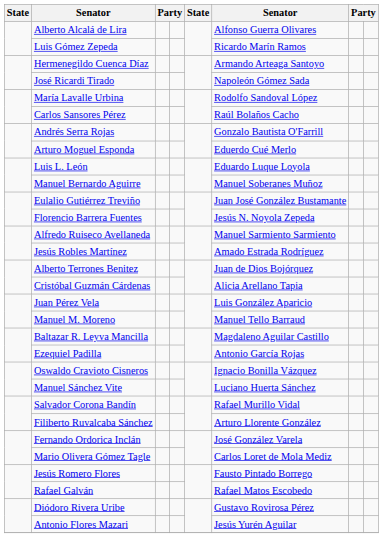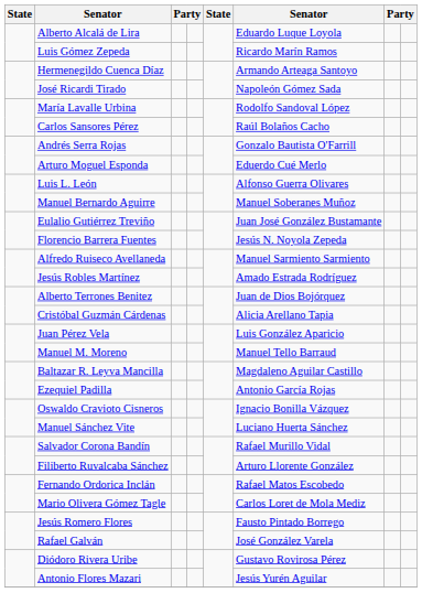 <table class="wikitable sortable" style="font-size:95%;">
 <tr>
 <th>State</th>
 <th>Senator</th>
 <th colspan="2">Party</th>
 <th>State</th>
 <th>Senator</th>
 <th colspan="2">Party</th>
 </tr>
 <tr>
 <td rowspan="2"></td>
 <td><a href='#'>Alberto Alcalá de Lira</a></td>
 <td style="background:"></td>
 <td></td>
 <td rowspan="2"></td>
-<td><a href='#'>Alfonso Guerra Olivares</a></td>
+<td><a href='#'>Eduardo Luque Loyola</a></td>
 <td style="background:"></td>
 <td></td>
 </tr>
 <tr>
 <td><a href='#'>Luis Gómez Zepeda</a></td>
 <td style="background:"></td>
 <td></td>
 <td><a href='#'>Ricardo Marín Ramos</a></td>
 <td style="background:"></td>
 <td></td>
 </tr>
 <tr>
 <td rowspan="2"></td>
 <td><a href='#'>Hermenegildo Cuenca Díaz</a></td>
 <td style="background:"></td>
 <td></td>
 <td rowspan="2"></td>
 <td><a href='#'>Armando Arteaga Santoyo</a></td>
 <td style="background:"></td>
 <td></td>
 </tr>
 <tr>
 <td><a href='#'>José Ricardi Tirado</a></td>
 <td style="background:"></td>
 <td></td>
 <td><a href='#'>Napoleón Gómez Sada</a></td>
 <td style="background:"></td>
 <td></td>
 </tr>
 <tr>
 <td rowspan="2"></td>
 <td><a href='#'>María Lavalle Urbina</a></td>
 <td style="background:"></td>
 <td></td>
 <td rowspan="2"></td>
 <td><a href='#'>Rodolfo Sandoval López</a></td>
 <td style="background:"></td>
 <td></td>
 </tr>
 <tr>
 <td><a href='#'>Carlos Sansores Pérez</a></td>
 <td style="background:"></td>
 <td></td>
 <td><a href='#'>Raúl Bolaños Cacho</a></td>
 <td style="background:"></td>
 <td></td>
 </tr>
 <tr>
 <td rowspan="2"></td>
 <td><a href='#'>Andrés Serra Rojas</a></td>
 <td style="background:"></td>
 <td></td>
 <td rowspan="2"></td>
 <td><a href='#'>Gonzalo Bautista O'Farrill</a></td>
 <td style="background:"></td>
 <td></td>
 </tr>
 <tr>
 <td><a href='#'>Arturo Moguel Esponda</a></td>
 <td style="background:"></td>
 <td></td>
 <td><a href='#'>Eduerdo Cué Merlo</a></td>
 <td style="background:"></td>
 <td></td>
 </tr>
 <tr>
 <td rowspan="2"></td>
 <td><a href='#'>Luis L. León</a></td>
 <td style="background:"></td>
 <td></td>
 <td rowspan="2"></td>
-<td><a href='#'>Eduardo Luque Loyola</a></td>
+<td><a href='#'>Alfonso Guerra Olivares</a></td>
 <td style="background:"></td>
 <td></td>
 </tr>
 <tr>
 <td><a href='#'>Manuel Bernardo Aguirre</a></td>
 <td style="background:"></td>
 <td></td>
 <td><a href='#'>Manuel Soberanes Muñoz</a></td>
 <td style="background:"></td>
 <td></td>
 </tr>
 <tr>
 <td rowspan="2"></td>
 <td><a href='#'>Eulalio Gutiérrez Treviño</a></td>
 <td style="background:"></td>
 <td></td>
 <td rowspan="2"></td>
 <td><a href='#'>Juan José González Bustamante</a></td>
 <td style="background:"></td>
 <td></td>
 </tr>
 <tr>
 <td><a href='#'>Florencio Barrera Fuentes</a></td>
 <td style="background:"></td>
 <td></td>
 <td><a href='#'>Jesús N. Noyola Zepeda</a></td>
 <td style="background:"></td>
 <td></td>
 </tr>
 <tr>
 <td rowspan="2"></td>
 <td><a href='#'>Alfredo Ruiseco Avellaneda</a></td>
 <td style="background:"></td>
 <td></td>
 <td rowspan="2"></td>
 <td><a href='#'>Manuel Sarmiento Sarmiento</a></td>
 <td style="background:"></td>
 <td></td>
 </tr>
 <tr>
 <td><a href='#'>Jesús Robles Martínez</a></td>
 <td style="background:"></td>
 <td></td>
 <td><a href='#'>Amado Estrada Rodríguez</a></td>
 <td style="background:"></td>
 <td></td>
 </tr>
 <tr>
 <td rowspan="2"></td>
 <td><a href='#'>Alberto Terrones Benitez</a></td>
 <td style="background:"></td>
 <td></td>
 <td rowspan="2"></td>
 <td><a href='#'>Juan de Dios Bojórquez</a></td>
 <td style="background:"></td>
 <td></td>
 </tr>
 <tr>
 <td><a href='#'>Cristóbal Guzmán Cárdenas</a></td>
 <td style="background:"></td>
 <td></td>
 <td><a href='#'>Alicia Arellano Tapia</a></td>
 <td style="background:"></td>
 <td></td>
 </tr>
 <tr>
 <td rowspan="2"></td>
 <td><a href='#'>Juan Pérez Vela</a></td>
 <td style="background:"></td>
 <td></td>
 <td rowspan="2"></td>
 <td><a href='#'>Luis González Aparicio</a></td>
 <td style="background:"></td>
 <td></td>
 </tr>
 <tr>
 <td><a href='#'>Manuel M. Moreno</a></td>
 <td style="background:"></td>
 <td></td>
 <td><a href='#'>Manuel Tello Barraud</a></td>
 <td style="background:"></td>
 <td></td>
 </tr>
 <tr>
 <td rowspan="2"></td>
 <td><a href='#'>Baltazar R. Leyva Mancilla</a></td>
 <td style="background:"></td>
 <td></td>
 <td rowspan="2"></td>
 <td><a href='#'>Magdaleno Aguilar Castillo</a></td>
 <td style="background:"></td>
 <td></td>
 </tr>
 <tr>
 <td><a href='#'>Ezequiel Padilla</a></td>
 <td style="background:"></td>
 <td></td>
 <td><a href='#'>Antonio García Rojas</a></td>
 <td style="background:"></td>
 <td></td>
 </tr>
 <tr>
 <td rowspan="2"></td>
 <td><a href='#'>Oswaldo Cravioto Cisneros</a></td>
 <td style="background:"></td>
 <td></td>
 <td rowspan="2"></td>
 <td><a href='#'>Ignacio Bonilla Vázquez</a></td>
 <td style="background:"></td>
 <td></td>
 </tr>
 <tr>
 <td><a href='#'>Manuel Sánchez Vite</a></td>
 <td style="background:"></td>
 <td></td>
 <td><a href='#'>Luciano Huerta Sánchez</a></td>
 <td style="background:"></td>
 <td></td>
 </tr>
 <tr>
 <td rowspan="2"></td>
 <td><a href='#'>Salvador Corona Bandín</a></td>
 <td style="background:"></td>
 <td></td>
 <td rowspan="2"></td>
 <td><a href='#'>Rafael Murillo Vidal</a></td>
 <td style="background:"></td>
 <td></td>
 </tr>
 <tr>
 <td><a href='#'>Filiberto Ruvalcaba Sánchez</a></td>
 <td style="background:"></td>
 <td></td>
 <td><a href='#'>Arturo Llorente González</a></td>
 <td style="background:"></td>
 <td></td>
 </tr>
 <tr>
 <td rowspan="2"></td>
 <td><a href='#'>Fernando Ordorica Inclán</a></td>
 <td style="background:"></td>
 <td></td>
 <td rowspan="2"></td>
-<td><a href='#'>José González Varela</a></td>
+<td><a href='#'>Rafael Matos Escobedo</a></td>
 <td style="background:"></td>
 <td></td>
 </tr>
 <tr>
 <td><a href='#'>Mario Olivera Gómez Tagle</a></td>
 <td style="background:"></td>
 <td></td>
 <td><a href='#'>Carlos Loret de Mola Mediz</a></td>
 <td style="background:"></td>
 <td></td>
 </tr>
 <tr>
 <td rowspan="2"></td>
 <td><a href='#'>Jesús Romero Flores</a></td>
 <td style="background:"></td>
 <td></td>
 <td rowspan="2"></td>
 <td><a href='#'>Fausto Pintado Borrego</a></td>
 <td style="background:"></td>
 <td></td>
 </tr>
 <tr>
 <td><a href='#'>Rafael Galván</a></td>
 <td style="background:"></td>
 <td></td>
-<td><a href='#'>Rafael Matos Escobedo</a></td>
+<td><a href='#'>José González Varela</a></td>
 <td style="background:"></td>
 <td></td>
 </tr>
 <tr>
 <td rowspan="2"></td>
 <td><a href='#'>Diódoro Rivera Uribe</a></td>
 <td style="background:"></td>
 <td></td>
 <td rowspan="2"></td>
 <td><a href='#'>Gustavo Rovirosa Pérez</a></td>
 <td style="background:"></td>
 <td></td>
 </tr>
 <tr>
 <td><a href='#'>Antonio Flores Mazari</a></td>
 <td style="background:"></td>
 <td></td>
 <td><a href='#'>Jesús Yurén Aguilar</a></td>
 <td style="background:"></td>
 <td></td>
 </tr>
 <tr>
 </tr>
 </table>
